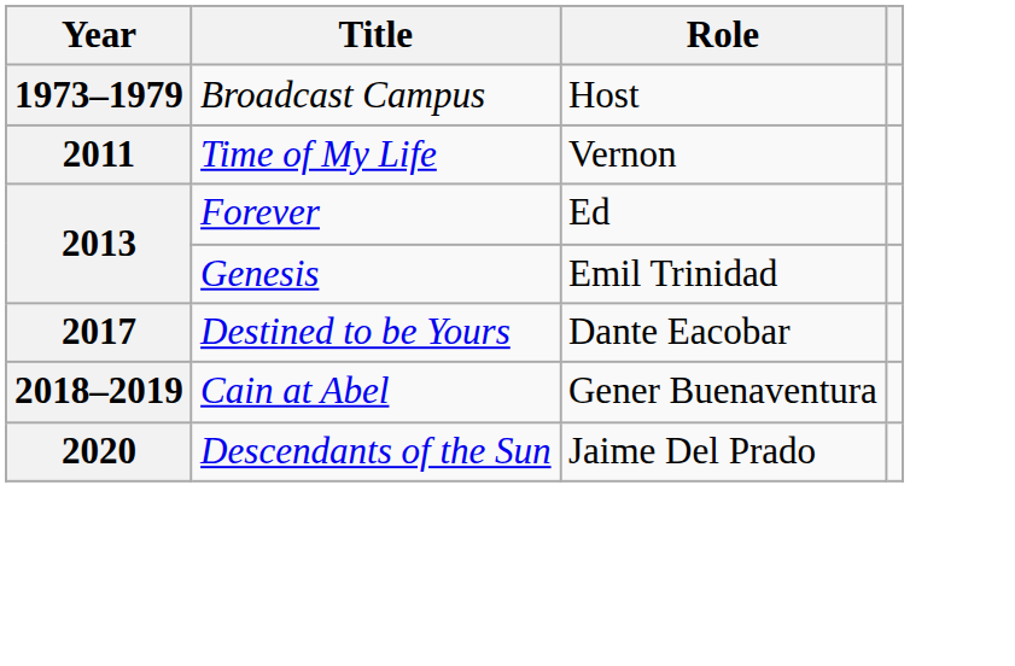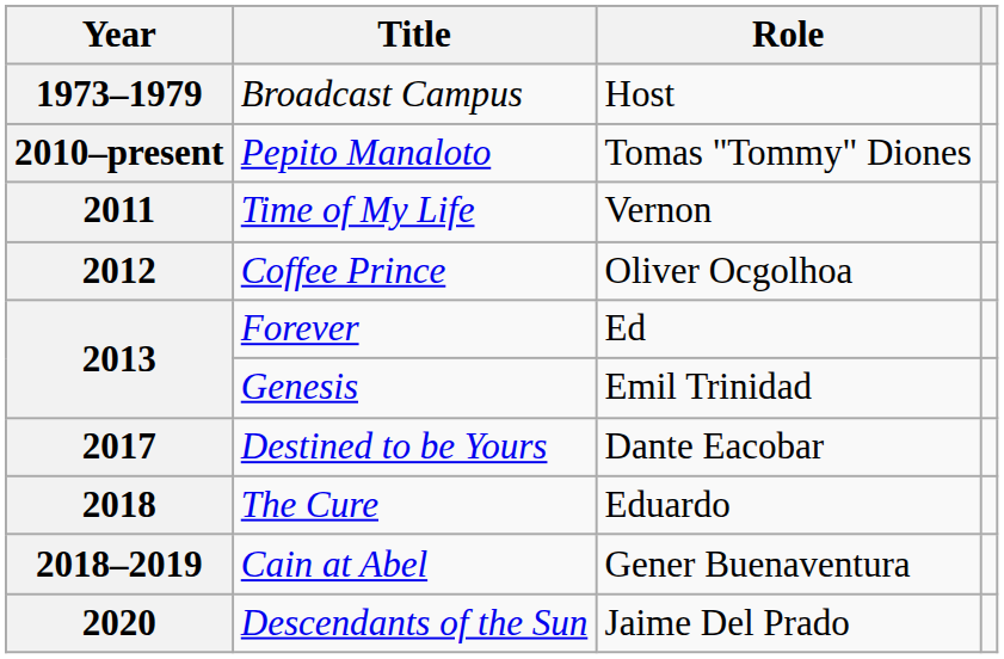 <table class="wikitable sortable plainrowheaders">
 <tr>
 <th scope="col">Year</th>
 <th scope="col">Title</th>
 <th scope="col">Role</th>
 <th scope="col"></th>
 </tr>
 <tr>
 <th scope="row">1973–1979</th>
 <td><em>Broadcast Campus</em></td>
 <td>Host</td>
 <td></td>
 </tr>
 <tr>
+<th scope="row">2010–present</th>
+<td><em><a href='#'>Pepito Manaloto</a></em></td>
+<td>Tomas "Tommy" Diones</td>
+<td style="text-align: center "></td>
+</tr>
+<tr>
 <th scope="row">2011</th>
 <td><em><a href='#'>Time of My Life</a></em></td>
 <td>Vernon</td>
+<td style="text-align: center"></td>
+</tr>
+<tr>
+<th scope="row">2012</th>
+<td><em><a href='#'>Coffee Prince</a></em></td>
+<td>Oliver Ocgolhoa</td>
 <td style="text-align: center"></td>
 </tr>
 <tr>
 <th scope="row" rowspan="2">2013</th>
 <td><em><a href='#'>Forever</a></em></td>
 <td>Ed</td>
 <td style="text-align: center"></td>
 </tr>
 <tr>
 <td><em><a href='#'>Genesis</a></em></td>
 <td>Emil Trinidad</td>
 <td style="text-align: center"></td>
 </tr>
 <tr>
 <th scope="row">2017</th>
 <td><em><a href='#'>Destined to be Yours</a></em></td>
 <td>Dante Eacobar</td>
 <td style="text-align: center"></td>
 </tr>
 <tr>
+<th scope="row">2018</th>
+<td><em><a href='#'>The Cure</a></em></td>
+<td>Eduardo</td>
+<td style="text-align: center"></td>
+</tr>
+<tr>
 <th scope="row">2018–2019</th>
 <td><em><a href='#'>Cain at Abel</a></em></td>
 <td>Gener Buenaventura</td>
 <td style="text-align: center"></td>
 </tr>
 <tr>
 <th scope="row">2020</th>
 <td><em><a href='#'>Descendants of the Sun</a></em></td>
 <td>Jaime Del Prado</td>
 <td style="text-align: center"></td>
 </tr>
 </table>
